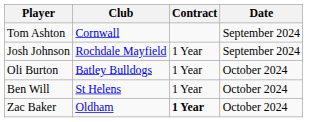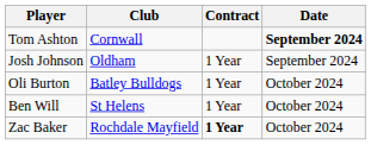 <table class="wikitable">
 <tr>
 <th>Player</th>
 <th>Club</th>
 <th>Contract</th>
 <th>Date</th>
 </tr>
 <tr>
 <td>Tom Ashton</td>
 <td><a href='#'>Cornwall</a></td>
 <td></td>
-<td>September 2024</td>
+<td><strong>September 2024</strong></td>
 </tr>
 <tr>
 <td>Josh Johnson</td>
-<td><a href='#'>Rochdale Mayfield</a></td>
+<td><a href='#'>Oldham</a></td>
 <td>1 Year</td>
 <td>September 2024</td>
 </tr>
 <tr>
 <td>Oli Burton</td>
 <td><a href='#'>Batley Bulldogs</a></td>
 <td>1 Year</td>
 <td>October 2024</td>
 </tr>
 <tr>
 <td>Ben Will</td>
 <td><a href='#'>St Helens</a></td>
 <td>1 Year</td>
 <td>October 2024</td>
 </tr>
 <tr>
 <td>Zac Baker</td>
-<td><a href='#'>Oldham</a></td>
+<td><a href='#'>Rochdale Mayfield</a></td>
 <td><strong>1 Year</strong></td>
 <td>October 2024</td>
 </tr>
 </table>
